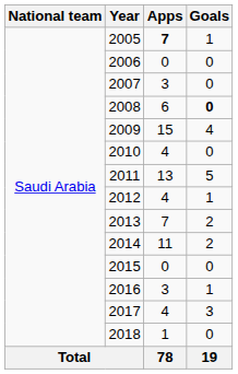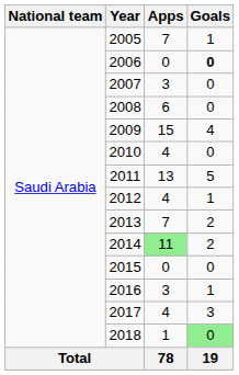 <table class=wikitable style="text-align: center">
 <tr>
 <th>National team</th>
 <th>Year</th>
 <th>Apps</th>
 <th>Goals</th>
 </tr>
 <tr>
 <td rowspan=14><a href='#'>Saudi Arabia</a></td>
 <td>2005</td>
-<td><strong>7</strong></td>
+<td>7</td>
 <td>1</td>
 </tr>
 <tr>
 <td>2006</td>
 <td>0</td>
-<td>0</td>
+<td><strong>0</strong></td>
 </tr>
 <tr>
 <td>2007</td>
 <td>3</td>
 <td>0</td>
 </tr>
 <tr>
 <td>2008</td>
 <td>6</td>
-<td><strong>0</strong></td>
+<td>0</td>
 </tr>
 <tr>
 <td>2009</td>
 <td>15</td>
 <td>4</td>
 </tr>
 <tr>
 <td>2010</td>
 <td>4</td>
 <td>0</td>
 </tr>
 <tr>
 <td>2011</td>
 <td>13</td>
 <td>5</td>
 </tr>
 <tr>
 <td>2012</td>
 <td>4</td>
 <td>1</td>
 </tr>
 <tr>
 <td>2013</td>
 <td>7</td>
 <td>2</td>
 </tr>
 <tr>
 <td>2014</td>
-<td>11</td>
+<td style="background: lightgreen;">11</td>
 <td>2</td>
 </tr>
 <tr>
 <td>2015</td>
 <td>0</td>
 <td>0</td>
 </tr>
 <tr>
 <td>2016</td>
 <td>3</td>
 <td>1</td>
 </tr>
 <tr>
 <td>2017</td>
 <td>4</td>
 <td>3</td>
 </tr>
 <tr>
 <td>2018</td>
 <td>1</td>
-<td>0</td>
+<td style="background: lightgreen;">0</td>
 </tr>
 <tr>
 <th colspan=2>Total</th>
 <th>78</th>
 <th>19</th>
 </tr>
 </table>
